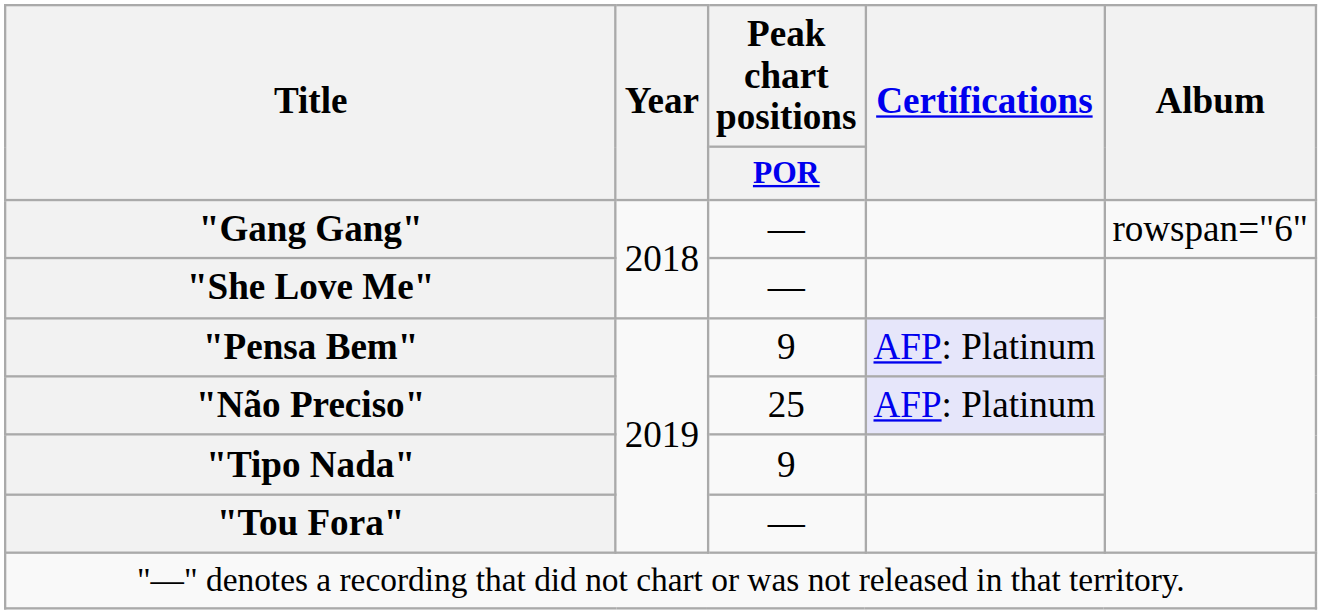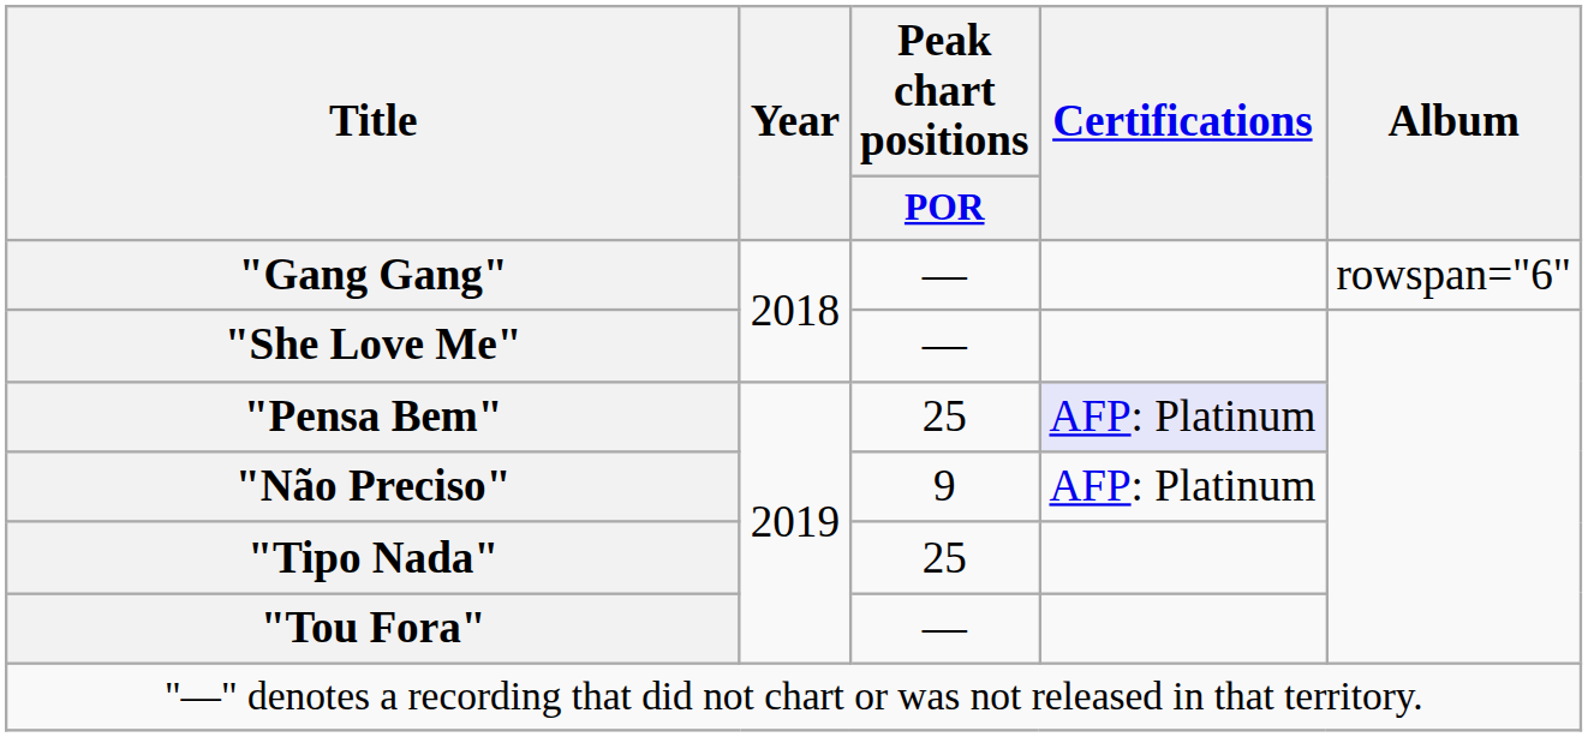 <table class="wikitable plainrowheaders" style="text-align:center;" border="1">
 <tr>
 <th rowspan="2" scope="col" style="width:16em;">Title</th>
 <th rowspan="2" scope="col">Year</th>
 <th scope="col">Peak chart positions</th>
 <th rowspan="2" scope="col"><a href='#'>Certifications</a></th>
 <th rowspan="2" scope="col">Album</th>
 </tr>
 <tr>
 <th scope="col" style="width:3em;font-size:85%;"><a href='#'>POR</a><br></th>
 </tr>
 <tr>
 <th scope="row">"Gang Gang"</th>
 <td rowspan="2">2018</td>
 <td>—</td>
 <td></td>
 <td>rowspan="6" <em></em></td>
 </tr>
 <tr>
 <th scope="row">"She Love Me"</th>
 <td>—</td>
 <td></td>
 </tr>
 <tr>
 <th scope="row">"Pensa Bem"<br></th>
 <td rowspan="4">2019</td>
-<td>9</td>
+<td>25</td>
 <td style="background: lavender;"><a href='#'>AFP</a>: Platinum</td>
 </tr>
 <tr>
 <th scope="row">"Não Preciso"<br></th>
-<td>25</td>
-<td style="background: lavender;"><a href='#'>AFP</a>: Platinum</td>
+<td>9</td>
+<td><a href='#'>AFP</a>: Platinum</td>
 </tr>
 <tr>
 <th scope="row">"Tipo Nada"<br></th>
-<td>9</td>
+<td>25</td>
 <td></td>
 </tr>
 <tr>
 <th scope="row">"Tou Fora"<br></th>
 <td>—</td>
 <td></td>
 </tr>
 <tr>
 <td colspan="5" style="font-size:90%">"—" denotes a recording that did not chart or was not released in that territory.</td>
 </tr>
 </table>
